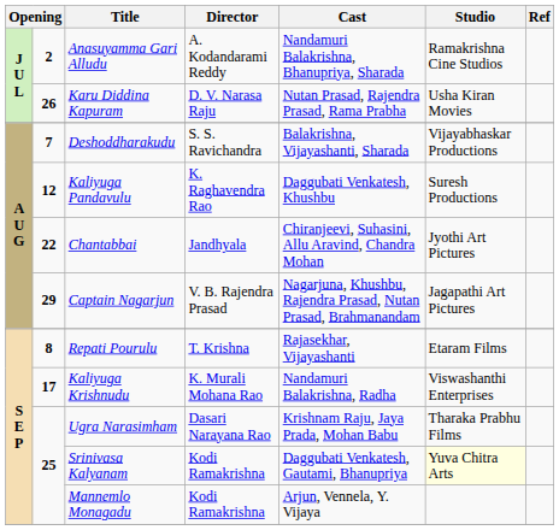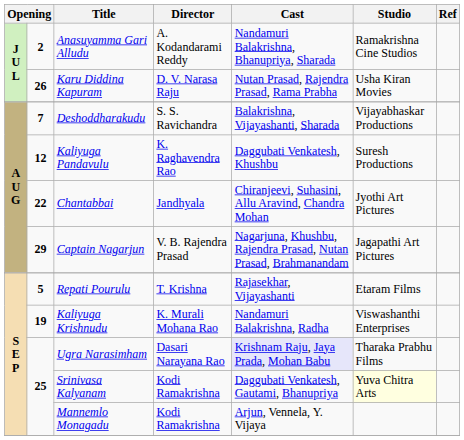 <table class="wikitable">
 <tr>
 <th colspan="2">Opening</th>
 <th>Title</th>
 <th>Director</th>
 <th>Cast</th>
 <th>Studio</th>
 <th>Ref</th>
 </tr>
 <tr July!>
 <td rowspan="2" valign="center" align="center" style="background:	#d0f0c0; textcolor:#000;"><strong>J<br>U<br>L</strong></td>
 <td rowspan="1" align="center"><strong>2</strong></td>
 <td><em><a href='#'>Anasuyamma Gari Alludu</a></em></td>
 <td>A. Kodandarami Reddy</td>
 <td><a href='#'>Nandamuri Balakrishna</a>, <a href='#'>Bhanupriya</a>, <a href='#'>Sharada</a></td>
 <td>Ramakrishna Cine Studios</td>
 <td></td>
 </tr>
 <tr>
 <td rowspan="1" align="center"><strong>26</strong></td>
 <td><em><a href='#'>Karu Diddina Kapuram</a></em></td>
 <td><a href='#'>D. V. Narasa Raju</a></td>
 <td><a href='#'>Nutan Prasad</a>, <a href='#'>Rajendra Prasad</a>, <a href='#'>Rama Prabha</a></td>
 <td>Usha Kiran Movies</td>
 <td></td>
 </tr>
 <tr>
 </tr>
 <tr August!>
 <td rowspan="4" valign="center" align="center" style="background:#C2B280;"><strong>A<br>U<br>G</strong></td>
 <td rowspan="1" align="center"><strong>7</strong></td>
 <td><em><a href='#'>Deshoddharakudu</a></em></td>
 <td>S. S. Ravichandra</td>
 <td><a href='#'>Balakrishna</a>, <a href='#'>Vijayashanti</a>, <a href='#'>Sharada</a></td>
 <td>Vijayabhaskar Productions</td>
 <td></td>
 </tr>
 <tr>
 <td rowspan="1" align="center"><strong>12</strong></td>
 <td><em><a href='#'>Kaliyuga Pandavulu</a></em></td>
 <td><a href='#'>K. Raghavendra Rao</a></td>
 <td><a href='#'>Daggubati Venkatesh</a>, <a href='#'>Khushbu</a></td>
 <td>Suresh Productions</td>
 <td></td>
 </tr>
 <tr>
 <td rowspan="1" align="center"><strong>22</strong></td>
 <td><em><a href='#'>Chantabbai</a></em></td>
 <td><a href='#'>Jandhyala</a></td>
 <td><a href='#'>Chiranjeevi</a>, <a href='#'>Suhasini</a>, <a href='#'>Allu Aravind</a>, <a href='#'>Chandra Mohan</a></td>
 <td>Jyothi Art Pictures</td>
 <td></td>
 </tr>
 <tr>
 <td rowspan="1" align="center"><strong>29</strong></td>
 <td><em><a href='#'>Captain Nagarjun</a></em></td>
 <td>V. B. Rajendra Prasad</td>
 <td><a href='#'>Nagarjuna</a>, <a href='#'>Khushbu</a>, <a href='#'>Rajendra Prasad</a>, <a href='#'>Nutan Prasad</a>, <a href='#'>Brahmanandam</a></td>
 <td>Jagapathi Art Pictures</td>
 <td></td>
 </tr>
 <tr>
 </tr>
 <tr September!>
 <td rowspan="5" valign="center" align="center" style="background:#F5DEB3; textcolor:#000;"><strong>S<br>E<br>P</strong></td>
-<td align="center"><strong>8</strong></td>
+<td align="center"><strong>5</strong></td>
 <td><em><a href='#'>Repati Pourulu</a></em></td>
 <td><a href='#'>T. Krishna</a></td>
 <td><a href='#'>Rajasekhar</a>, <a href='#'>Vijayashanti</a></td>
 <td>Etaram Films</td>
 <td></td>
 </tr>
 <tr>
-<td align="center"><strong>17</strong></td>
+<td align="center"><strong>19</strong></td>
 <td><em><a href='#'>Kaliyuga Krishnudu</a></em></td>
 <td><a href='#'>K. Murali Mohana Rao</a></td>
 <td><a href='#'>Nandamuri Balakrishna</a>, <a href='#'>Radha</a></td>
 <td>Viswashanthi Enterprises</td>
 <td></td>
 </tr>
 <tr>
 <td rowspan="3" align="center"><strong>25</strong></td>
 <td><em><a href='#'>Ugra Narasimham</a></em></td>
 <td><a href='#'>Dasari Narayana Rao</a></td>
-<td><a href='#'>Krishnam Raju</a>, <a href='#'>Jaya Prada</a>, <a href='#'>Mohan Babu</a></td>
+<td style="background: lavender;"><a href='#'>Krishnam Raju</a>, <a href='#'>Jaya Prada</a>, <a href='#'>Mohan Babu</a></td>
 <td>Tharaka Prabhu Films</td>
 <td></td>
 </tr>
 <tr>
 <td><em><a href='#'>Srinivasa Kalyanam</a></em></td>
 <td><a href='#'>Kodi Ramakrishna</a></td>
 <td><a href='#'>Daggubati Venkatesh</a>, <a href='#'>Gautami</a>, <a href='#'>Bhanupriya</a></td>
 <td style="background: lightyellow;">Yuva Chitra Arts</td>
 <td></td>
 </tr>
 <tr>
 <td><em><a href='#'>Mannemlo Monagadu</a></em></td>
 <td><a href='#'>Kodi Ramakrishna</a></td>
 <td><a href='#'>Arjun</a>, Vennela, Y. Vijaya</td>
 <td></td>
 <td></td>
 </tr>
 <tr>
 </tr>
 </table>
